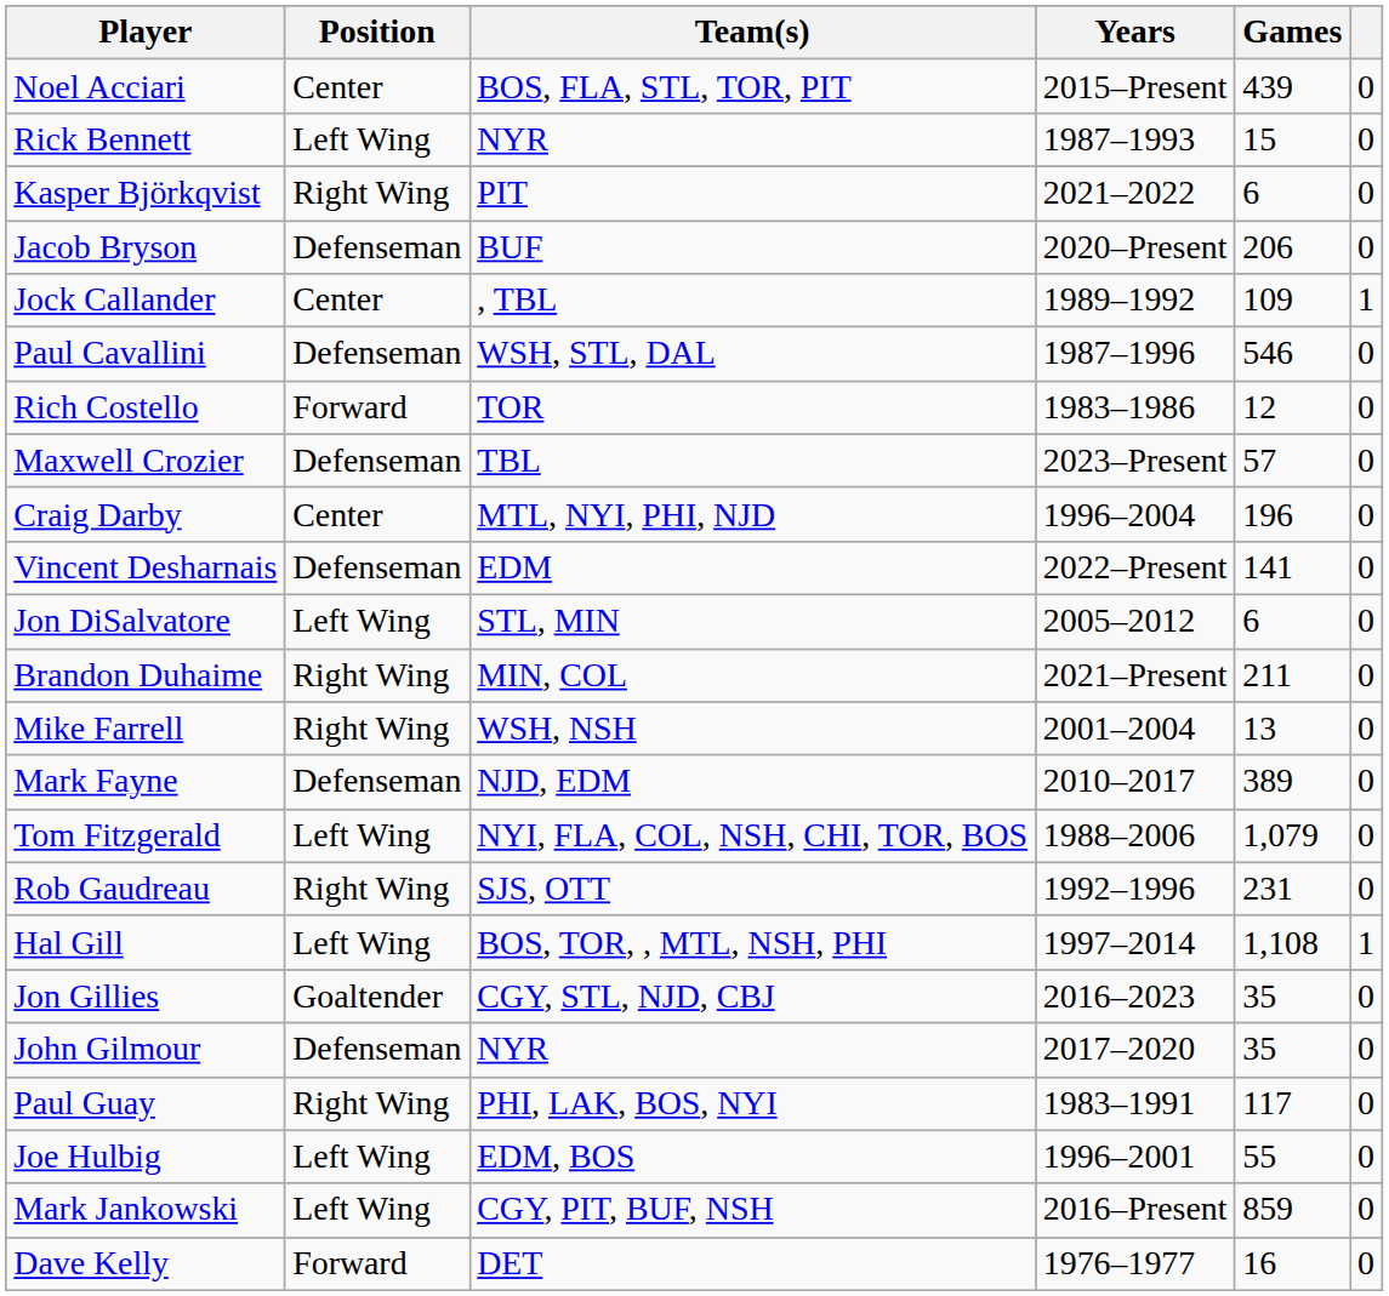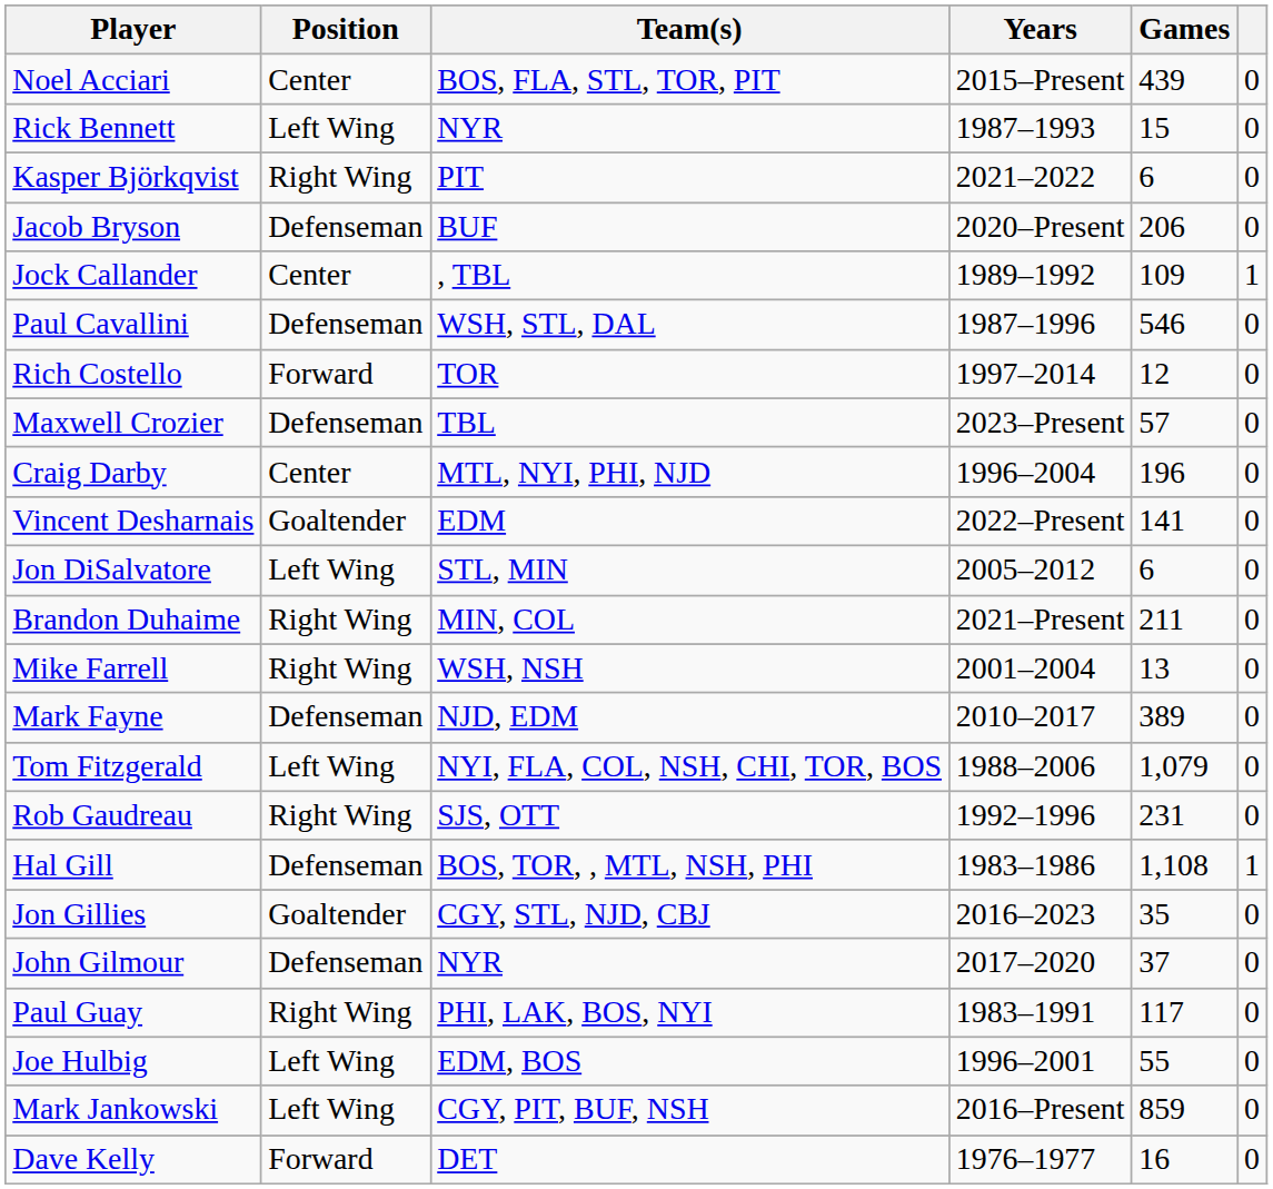 <table class="wikitable sortable">
 <tr>
 <th>Player</th>
 <th>Position</th>
 <th>Team(s)</th>
 <th>Years</th>
 <th>Games</th>
 <th><a href='#'></a></th>
 </tr>
 <tr>
 <td><a href='#'>Noel Acciari</a></td>
 <td>Center</td>
 <td><a href='#'>BOS</a>, <a href='#'>FLA</a>, <a href='#'>STL</a>, <a href='#'>TOR</a>, <a href='#'>PIT</a></td>
 <td>2015–Present</td>
 <td>439</td>
 <td>0</td>
 </tr>
 <tr>
 <td><a href='#'>Rick Bennett</a></td>
 <td>Left Wing</td>
 <td><a href='#'>NYR</a></td>
 <td>1987–1993</td>
 <td>15</td>
 <td>0</td>
 </tr>
 <tr>
 <td><a href='#'>Kasper Björkqvist</a></td>
 <td>Right Wing</td>
 <td><a href='#'>PIT</a></td>
 <td>2021–2022</td>
 <td>6</td>
 <td>0</td>
 </tr>
 <tr>
 <td><a href='#'>Jacob Bryson</a></td>
 <td>Defenseman</td>
 <td><a href='#'>BUF</a></td>
 <td>2020–Present</td>
 <td>206</td>
 <td>0</td>
 </tr>
 <tr>
 <td><a href='#'>Jock Callander</a></td>
 <td>Center</td>
 <td><span><strong></strong></span>, <a href='#'>TBL</a></td>
 <td>1989–1992</td>
 <td>109</td>
 <td>1</td>
 </tr>
 <tr>
 <td><a href='#'>Paul Cavallini</a></td>
 <td>Defenseman</td>
 <td><a href='#'>WSH</a>, <a href='#'>STL</a>, <a href='#'>DAL</a></td>
 <td>1987–1996</td>
 <td>546</td>
 <td>0</td>
 </tr>
 <tr>
 <td><a href='#'>Rich Costello</a></td>
 <td>Forward</td>
 <td><a href='#'>TOR</a></td>
-<td>1983–1986</td>
+<td>1997–2014</td>
 <td>12</td>
 <td>0</td>
 </tr>
 <tr>
 <td><a href='#'>Maxwell Crozier</a></td>
 <td>Defenseman</td>
 <td><a href='#'>TBL</a></td>
 <td>2023–Present</td>
 <td>57</td>
 <td>0</td>
 </tr>
 <tr>
 <td><a href='#'>Craig Darby</a></td>
 <td>Center</td>
 <td><a href='#'>MTL</a>, <a href='#'>NYI</a>, <a href='#'>PHI</a>, <a href='#'>NJD</a></td>
 <td>1996–2004</td>
 <td>196</td>
 <td>0</td>
 </tr>
 <tr>
 <td><a href='#'>Vincent Desharnais</a></td>
-<td>Defenseman</td>
+<td>Goaltender</td>
 <td><a href='#'>EDM</a></td>
 <td>2022–Present</td>
 <td>141</td>
 <td>0</td>
 </tr>
 <tr>
 <td><a href='#'>Jon DiSalvatore</a></td>
 <td>Left Wing</td>
 <td><a href='#'>STL</a>, <a href='#'>MIN</a></td>
 <td>2005–2012</td>
 <td>6</td>
 <td>0</td>
 </tr>
 <tr>
 <td><a href='#'>Brandon Duhaime</a></td>
 <td>Right Wing</td>
 <td><a href='#'>MIN</a>, <a href='#'>COL</a></td>
 <td>2021–Present</td>
 <td>211</td>
 <td>0</td>
 </tr>
 <tr>
 <td><a href='#'>Mike Farrell</a></td>
 <td>Right Wing</td>
 <td><a href='#'>WSH</a>, <a href='#'>NSH</a></td>
 <td>2001–2004</td>
 <td>13</td>
 <td>0</td>
 </tr>
 <tr>
 <td><a href='#'>Mark Fayne</a></td>
 <td>Defenseman</td>
 <td><a href='#'>NJD</a>, <a href='#'>EDM</a></td>
 <td>2010–2017</td>
 <td>389</td>
 <td>0</td>
 </tr>
 <tr>
 <td><a href='#'>Tom Fitzgerald</a></td>
 <td>Left Wing</td>
 <td><a href='#'>NYI</a>, <a href='#'>FLA</a>, <a href='#'>COL</a>, <a href='#'>NSH</a>, <a href='#'>CHI</a>, <a href='#'>TOR</a>, <a href='#'>BOS</a></td>
 <td>1988–2006</td>
 <td>1,079</td>
 <td>0</td>
 </tr>
 <tr>
 <td><a href='#'>Rob Gaudreau</a></td>
 <td>Right Wing</td>
 <td><a href='#'>SJS</a>, <a href='#'>OTT</a></td>
 <td>1992–1996</td>
 <td>231</td>
 <td>0</td>
 </tr>
 <tr>
 <td><a href='#'>Hal Gill</a></td>
-<td>Left Wing</td>
+<td>Defenseman</td>
 <td><a href='#'>BOS</a>, <a href='#'>TOR</a>, <span><strong></strong></span>, <a href='#'>MTL</a>, <a href='#'>NSH</a>, <a href='#'>PHI</a></td>
-<td>1997–2014</td>
+<td>1983–1986</td>
 <td>1,108</td>
 <td>1</td>
 </tr>
 <tr>
 <td><a href='#'>Jon Gillies</a></td>
 <td>Goaltender</td>
 <td><a href='#'>CGY</a>, <a href='#'>STL</a>, <a href='#'>NJD</a>, <a href='#'>CBJ</a></td>
 <td>2016–2023</td>
 <td>35</td>
 <td>0</td>
 </tr>
 <tr>
 <td><a href='#'>John Gilmour</a></td>
 <td>Defenseman</td>
 <td><a href='#'>NYR</a></td>
 <td>2017–2020</td>
-<td>35</td>
+<td>37</td>
 <td>0</td>
 </tr>
 <tr>
 <td><a href='#'>Paul Guay</a></td>
 <td>Right Wing</td>
 <td><a href='#'>PHI</a>, <a href='#'>LAK</a>, <a href='#'>BOS</a>, <a href='#'>NYI</a></td>
 <td>1983–1991</td>
 <td>117</td>
 <td>0</td>
 </tr>
 <tr>
 <td><a href='#'>Joe Hulbig</a></td>
 <td>Left Wing</td>
 <td><a href='#'>EDM</a>, <a href='#'>BOS</a></td>
 <td>1996–2001</td>
 <td>55</td>
 <td>0</td>
 </tr>
 <tr>
 <td><a href='#'>Mark Jankowski</a></td>
 <td>Left Wing</td>
 <td><a href='#'>CGY</a>, <a href='#'>PIT</a>, <a href='#'>BUF</a>, <a href='#'>NSH</a></td>
 <td>2016–Present</td>
 <td>859</td>
 <td>0</td>
 </tr>
 <tr>
 <td><a href='#'>Dave Kelly</a></td>
 <td>Forward</td>
 <td><a href='#'>DET</a></td>
 <td>1976–1977</td>
 <td>16</td>
 <td>0</td>
 </tr>
 <tr>
 </tr>
 </table>
